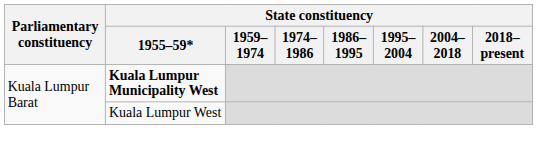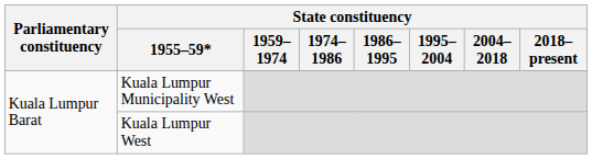 <table class="wikitable">
 <tr>
 <th rowspan="2">Parliamentary<br>constituency</th>
 <th colspan="7">State constituency</th>
 </tr>
 <tr>
 <th>1955–59*</th>
 <th>1959–1974</th>
 <th>1974–1986</th>
 <th>1986–1995</th>
 <th>1995–2004</th>
 <th>2004–2018</th>
 <th>2018–present</th>
 </tr>
 <tr>
 <td rowspan="2">Kuala Lumpur Barat</td>
-<td><strong>Kuala Lumpur Municipality West</strong></td>
+<td>Kuala Lumpur Municipality West</td>
 <td colspan="6" bgcolor="dcdcdc"></td>
 </tr>
 <tr>
 <td>Kuala Lumpur West</td>
 <td colspan="6" bgcolor="dcdcdc"></td>
 </tr>
 </table>
